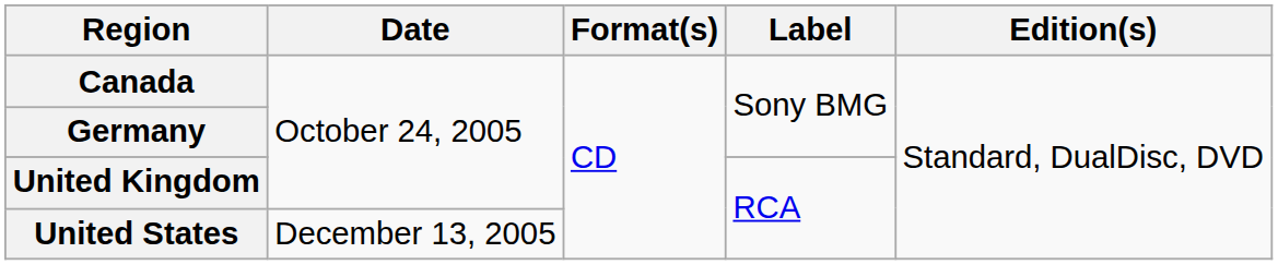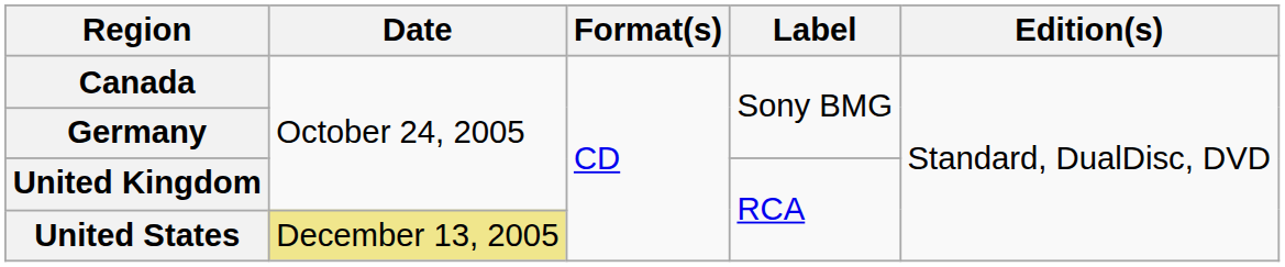 <table class="wikitable plainrowheaders">
 <tr>
 <th scope="col">Region</th>
 <th>Date</th>
 <th>Format(s)</th>
 <th>Label</th>
 <th>Edition(s)</th>
 </tr>
 <tr>
 <th scope="row">Canada</th>
 <td rowspan="3">October 24, 2005</td>
 <td rowspan="4"><a href='#'>CD</a></td>
 <td rowspan="2">Sony BMG</td>
 <td rowspan="4">Standard, DualDisc, DVD</td>
 </tr>
 <tr>
 <th scope="row">Germany</th>
 </tr>
 <tr>
 <th scope="row">United Kingdom</th>
 <td rowspan="2"><a href='#'>RCA</a></td>
 </tr>
 <tr>
 <th scope="row">United States</th>
-<td>December 13, 2005</td>
+<td style="background: khaki;">December 13, 2005</td>
 </tr>
 </table>
